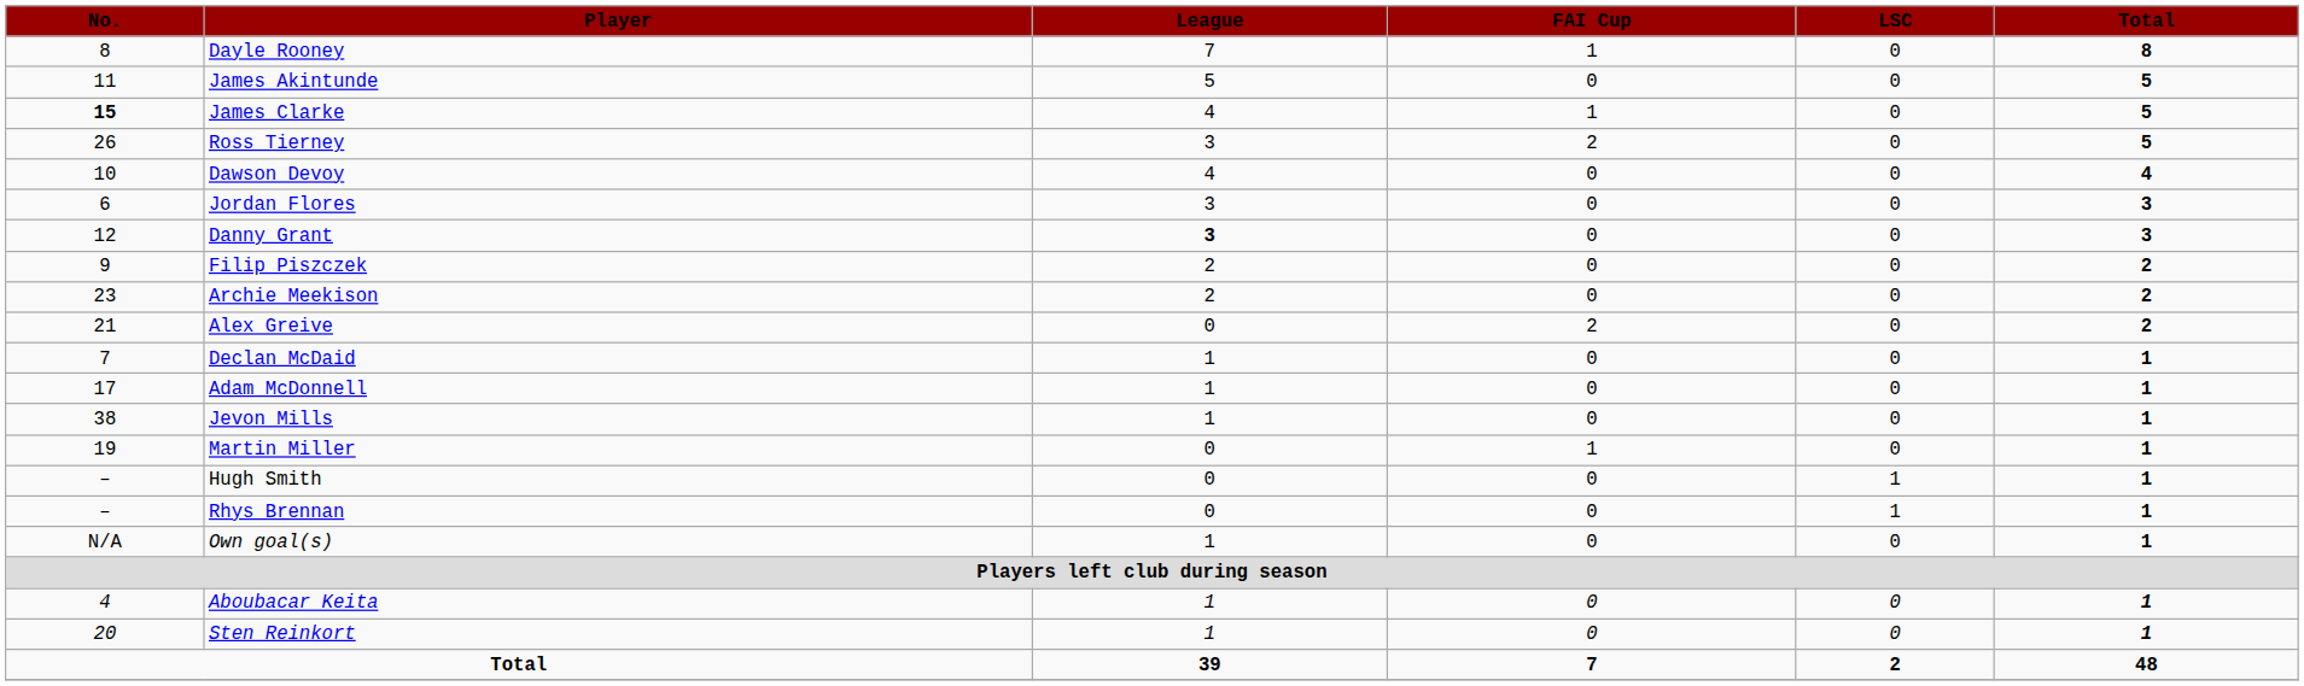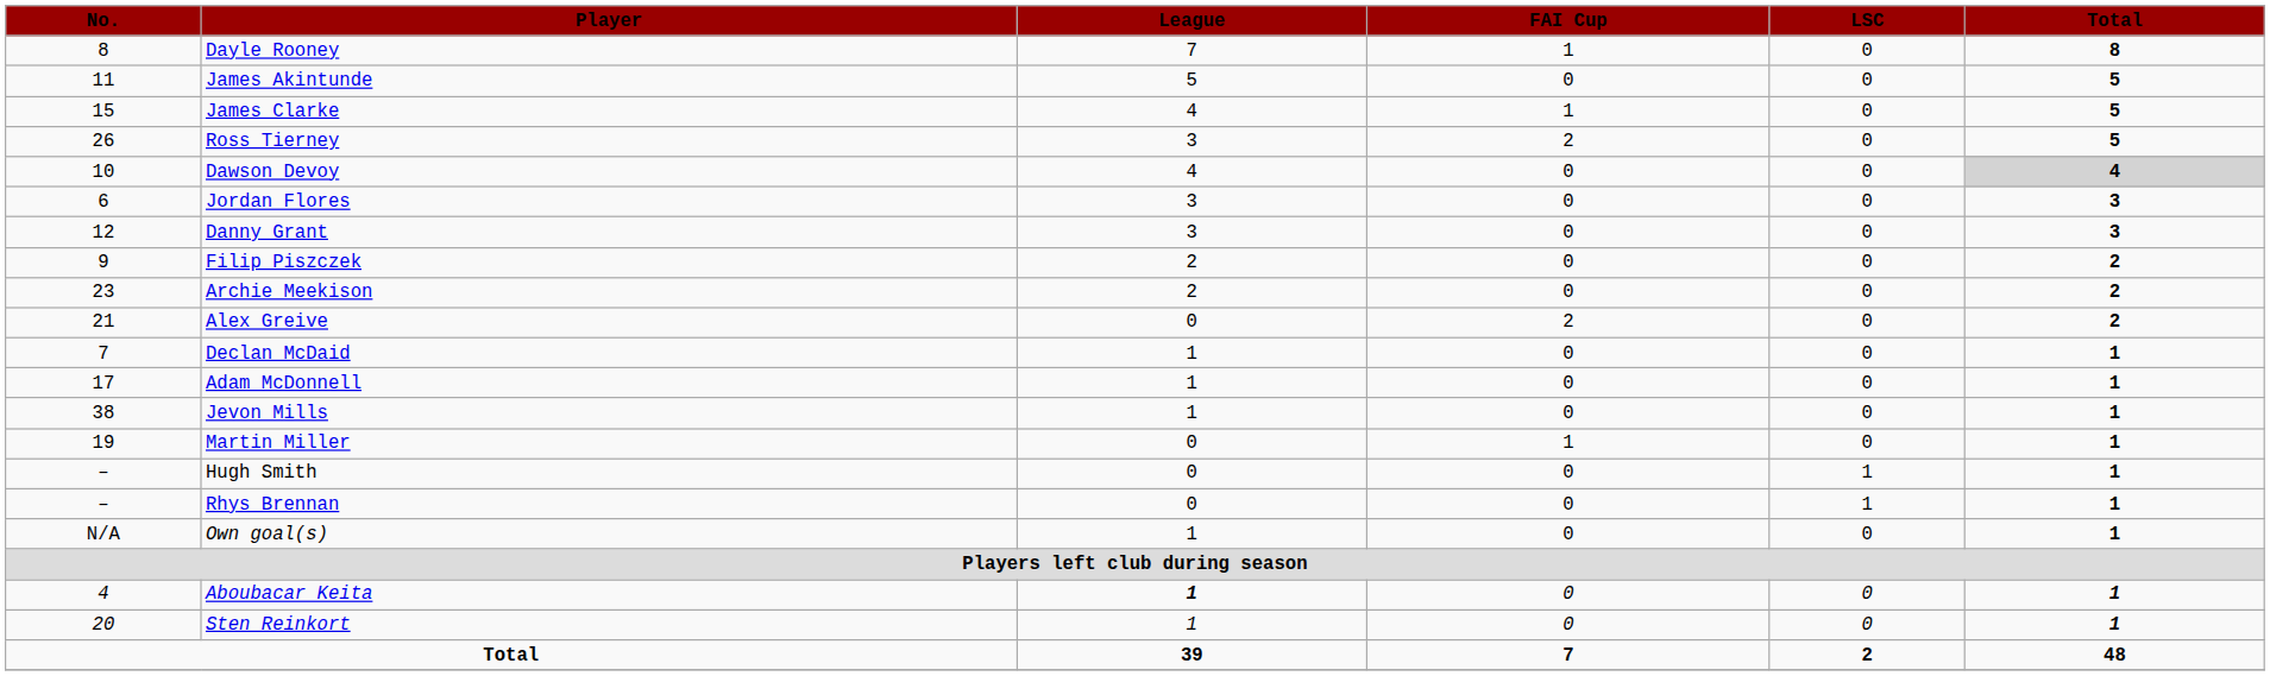 <table class="wikitable" style="text-align:center;width:100%;">
 <tr>
 <th style=background:#990000;color:#000000>No.</th>
 <th style=background:#990000;color:#000000>Player</th>
 <th style=background:#990000;color:#000000>League</th>
 <th style=background:#990000;color:#000000>FAI Cup</th>
 <th style=background:#990000;color:#000000>LSC</th>
 <th style=background:#990000;color:#000000>Total</th>
 </tr>
 <tr>
 <td>8</td>
 <td align=left> <a href='#'>Dayle Rooney</a></td>
 <td>7</td>
 <td>1</td>
 <td>0</td>
 <td><strong>8</strong></td>
 </tr>
 <tr>
 <td>11</td>
 <td align=left> <a href='#'>James Akintunde</a></td>
 <td>5</td>
 <td>0</td>
 <td>0</td>
 <td><strong>5</strong></td>
 </tr>
 <tr>
-<td><strong>15</strong></td>
+<td>15</td>
 <td align=left> <a href='#'>James Clarke</a></td>
 <td>4</td>
 <td>1</td>
 <td>0</td>
 <td><strong>5</strong></td>
 </tr>
 <tr>
 <td>26</td>
 <td align=left> <a href='#'>Ross Tierney</a></td>
 <td>3</td>
 <td>2</td>
 <td>0</td>
 <td><strong>5</strong></td>
 </tr>
 <tr>
 <td>10</td>
 <td align=left> <a href='#'>Dawson Devoy</a></td>
 <td>4</td>
 <td>0</td>
 <td>0</td>
-<td><strong>4</strong></td>
+<td style="background: lightgrey;"><strong>4</strong></td>
 </tr>
 <tr>
 <td>6</td>
 <td align=left> <a href='#'>Jordan Flores</a></td>
 <td>3</td>
 <td>0</td>
 <td>0</td>
 <td><strong>3</strong></td>
 </tr>
 <tr>
 <td>12</td>
 <td align=left> <a href='#'>Danny Grant</a></td>
-<td><strong>3</strong></td>
+<td>3</td>
 <td>0</td>
 <td>0</td>
 <td><strong>3</strong></td>
 </tr>
 <tr>
 <td>9</td>
 <td align=left> <a href='#'>Filip Piszczek</a></td>
 <td>2</td>
 <td>0</td>
 <td>0</td>
 <td><strong>2</strong></td>
 </tr>
 <tr>
 <td>23</td>
 <td align=left> <a href='#'>Archie Meekison</a></td>
 <td>2</td>
 <td>0</td>
 <td>0</td>
 <td><strong>2</strong></td>
 </tr>
 <tr>
 <td>21</td>
 <td align=left> <a href='#'>Alex Greive</a></td>
 <td>0</td>
 <td>2</td>
 <td>0</td>
 <td><strong>2</strong></td>
 </tr>
 <tr>
 <td>7</td>
 <td align=left> <a href='#'>Declan McDaid</a></td>
 <td>1</td>
 <td>0</td>
 <td>0</td>
 <td><strong>1</strong></td>
 </tr>
 <tr>
 <td>17</td>
 <td align=left> <a href='#'>Adam McDonnell</a></td>
 <td>1</td>
 <td>0</td>
 <td>0</td>
 <td><strong>1</strong></td>
 </tr>
 <tr>
 <td>38</td>
 <td align=left> <a href='#'>Jevon Mills</a></td>
 <td>1</td>
 <td>0</td>
 <td>0</td>
 <td><strong>1</strong></td>
 </tr>
 <tr>
 <td>19</td>
 <td align=left> <a href='#'>Martin Miller</a></td>
 <td>0</td>
 <td>1</td>
 <td>0</td>
 <td><strong>1</strong></td>
 </tr>
 <tr>
 <td>–</td>
 <td align=left> Hugh Smith</td>
 <td>0</td>
 <td>0</td>
 <td>1</td>
 <td><strong>1</strong></td>
 </tr>
 <tr>
 <td>–</td>
 <td align=left> <a href='#'>Rhys Brennan</a></td>
 <td>0</td>
 <td>0</td>
 <td>1</td>
 <td><strong>1</strong></td>
 </tr>
 <tr>
 <td>N/A</td>
 <td align=left><em>Own goal(s)</em></td>
 <td>1</td>
 <td>0</td>
 <td>0</td>
 <td><strong>1</strong></td>
 </tr>
 <tr>
 <th colspan=12 style=background:#dcdcdc>Players left club during season</th>
 </tr>
 <tr>
 <td><em>4</em></td>
 <td align=left> <em><a href='#'>Aboubacar Keita</a></em></td>
-<td><em>1</em></td>
+<td><strong><em>1</em></strong></td>
 <td><em>0</em></td>
 <td><em>0</em></td>
 <td><strong><em>1</em></strong></td>
 </tr>
 <tr>
 <td><em>20</em></td>
 <td align=left> <em><a href='#'>Sten Reinkort</a></em></td>
 <td><em>1</em></td>
 <td><em>0</em></td>
 <td><em>0</em></td>
 <td><strong><em>1</em></strong></td>
 </tr>
 <tr>
 <td colspan=2><strong>Total</strong></td>
 <td><strong>39</strong></td>
 <td><strong>7</strong></td>
 <td><strong>2</strong></td>
 <td><strong>48</strong></td>
 </tr>
 <tr>
 </tr>
 </table>
